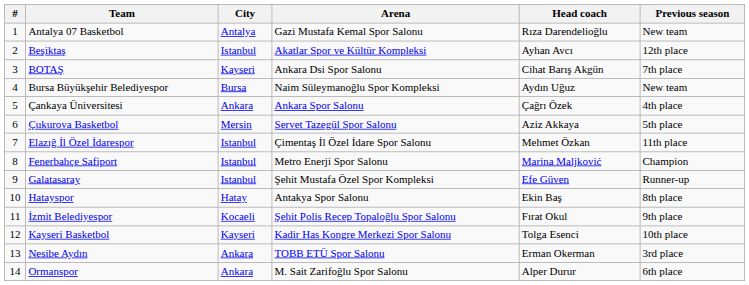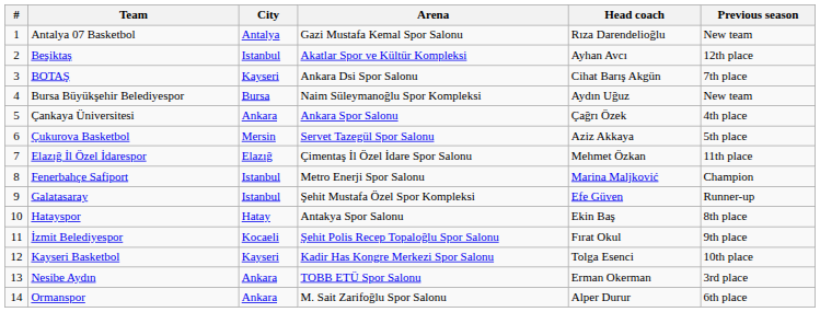 <table class="wikitable" style="font-size:88%; width:60%;">
 <tr>
 <th>#</th>
 <th>Team</th>
 <th>City</th>
 <th>Arena</th>
 <th>Head coach</th>
 <th>Previous season</th>
 </tr>
 <tr>
 <td align="center">1</td>
 <td>Antalya 07 Basketbol</td>
 <td><a href='#'>Antalya</a></td>
 <td>Gazi Mustafa Kemal Spor Salonu</td>
 <td> Rıza Darendelioğlu</td>
 <td>New team</td>
 </tr>
 <tr>
 <td align="center">2</td>
 <td><a href='#'>Beşiktaş</a></td>
 <td><a href='#'>Istanbul</a></td>
 <td><a href='#'>Akatlar Spor ve Kültür Kompleksi</a></td>
 <td> Ayhan Avcı</td>
 <td>12th place</td>
 </tr>
 <tr>
 <td align="center">3</td>
 <td><a href='#'>BOTAŞ</a></td>
 <td><a href='#'>Kayseri</a></td>
 <td>Ankara Dsi Spor Salonu</td>
 <td> Cihat Barış Akgün</td>
 <td>7th place</td>
 </tr>
 <tr>
 <td align="center">4</td>
 <td>Bursa Büyükşehir Belediyespor</td>
 <td><a href='#'>Bursa</a></td>
 <td>Naim Süleymanoğlu Spor Kompleksi</td>
 <td> Aydın Uğuz</td>
 <td>New team</td>
 </tr>
 <tr>
 <td align="center">5</td>
 <td>Çankaya Üniversitesi</td>
 <td><a href='#'>Ankara</a></td>
 <td><a href='#'>Ankara Spor Salonu</a></td>
 <td> Çağrı Özek</td>
 <td>4th place</td>
 </tr>
 <tr>
 <td align="center">6</td>
 <td><a href='#'>Çukurova Basketbol</a></td>
 <td><a href='#'>Mersin</a></td>
 <td><a href='#'>Servet Tazegül Spor Salonu</a></td>
 <td> Aziz Akkaya</td>
 <td>5th place</td>
 </tr>
 <tr>
 <td align="center">7</td>
 <td><a href='#'>Elazığ İl Özel İdarespor</a></td>
-<td><a href='#'>Istanbul</a></td>
+<td><a href='#'>Elazığ</a></td>
 <td>Çimentaş İl Özel İdare Spor Salonu</td>
 <td> Mehmet Özkan</td>
 <td>11th place</td>
 </tr>
 <tr>
 <td align="center">8</td>
 <td><a href='#'>Fenerbahçe Safiport</a></td>
 <td><a href='#'>Istanbul</a></td>
 <td>Metro Enerji Spor Salonu</td>
 <td> <a href='#'>Marina Maljković</a></td>
 <td>Champion</td>
 </tr>
 <tr>
 <td align="center">9</td>
 <td><a href='#'>Galatasaray</a></td>
 <td><a href='#'>Istanbul</a></td>
 <td>Şehit Mustafa Özel Spor Kompleksi</td>
 <td> <a href='#'>Efe Güven</a></td>
 <td>Runner-up</td>
 </tr>
 <tr>
 <td align="center">10</td>
 <td><a href='#'>Hatayspor</a></td>
 <td><a href='#'>Hatay</a></td>
 <td>Antakya Spor Salonu</td>
 <td> Ekin Baş</td>
 <td>8th place</td>
 </tr>
 <tr>
 <td align="center">11</td>
 <td><a href='#'>İzmit Belediyespor</a></td>
 <td><a href='#'>Kocaeli</a></td>
 <td><a href='#'>Şehit Polis Recep Topaloğlu Spor Salonu</a></td>
 <td> Fırat Okul</td>
 <td>9th place</td>
 </tr>
 <tr>
 <td align="center">12</td>
 <td><a href='#'>Kayseri Basketbol</a></td>
 <td><a href='#'>Kayseri</a></td>
 <td><a href='#'>Kadir Has Kongre Merkezi Spor Salonu</a></td>
 <td> Tolga Esenci</td>
 <td>10th place</td>
 </tr>
 <tr>
 <td align="center">13</td>
 <td><a href='#'>Nesibe Aydın</a></td>
 <td><a href='#'>Ankara</a></td>
 <td><a href='#'>TOBB ETÜ Spor Salonu</a></td>
 <td> Erman Okerman</td>
 <td>3rd place</td>
 </tr>
 <tr>
 <td align="center">14</td>
 <td><a href='#'>Ormanspor</a></td>
 <td><a href='#'>Ankara</a></td>
 <td>M. Sait Zarifoğlu Spor Salonu</td>
 <td> Alper Durur</td>
 <td>6th place</td>
 </tr>
 </table>
